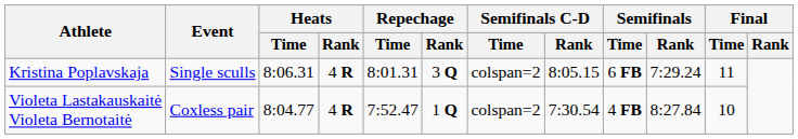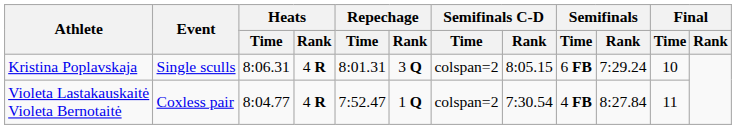 <table class="wikitable" style="font-size:90%">
 <tr>
 <th rowspan="2">Athlete</th>
 <th rowspan="2">Event</th>
 <th colspan="2">Heats</th>
 <th colspan="2">Repechage</th>
 <th colspan="2">Semifinals C-D</th>
 <th colspan="2">Semifinals</th>
 <th colspan="2">Final</th>
 </tr>
 <tr style="font-size:95%">
 <th>Time</th>
 <th>Rank</th>
 <th>Time</th>
 <th>Rank</th>
 <th>Time</th>
 <th>Rank</th>
 <th>Time</th>
 <th>Rank</th>
 <th>Time</th>
 <th>Rank</th>
 </tr>
 <tr align=center>
 <td align=left><a href='#'>Kristina Poplavskaja</a></td>
 <td align=left><a href='#'>Single sculls</a></td>
 <td>8:06.31</td>
 <td>4 <strong>R</strong></td>
 <td>8:01.31</td>
 <td>3 <strong>Q</strong></td>
 <td>colspan=2 </td>
 <td>8:05.15</td>
 <td>6 <strong>FB</strong></td>
 <td>7:29.24</td>
-<td>11</td>
+<td>10</td>
 </tr>
 <tr align=center>
 <td align=left><a href='#'>Violeta Lastakauskaitė</a><br><a href='#'>Violeta Bernotaitė</a></td>
 <td align=left><a href='#'>Coxless pair</a></td>
 <td>8:04.77</td>
 <td>4 <strong>R</strong></td>
 <td>7:52.47</td>
 <td>1 <strong>Q</strong></td>
 <td>colspan=2 </td>
 <td>7:30.54</td>
 <td>4 <strong>FB</strong></td>
 <td>8:27.84</td>
-<td>10</td>
+<td>11</td>
 </tr>
 </table>
